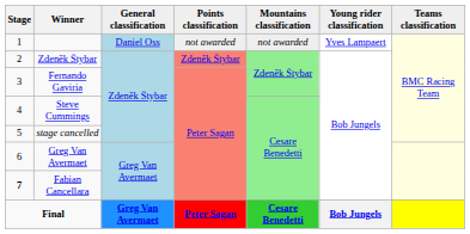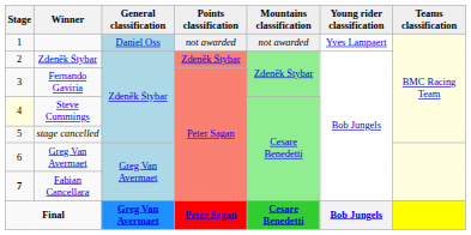 <table class="wikitable" style="text-align: center; font-size:smaller;">
 <tr>
 <th width="1%">Stage</th>
 <th width="14%">Winner</th>
 <th style="background:#EFEFEF;" width="15%">General classification<br></th>
 <th style="background:#EFEFEF;" width="15%">Points classification<br></th>
 <th style="background:#EFEFEF;" width="15%">Mountains classification<br></th>
 <th style="background:#EFEFEF;" width="15%">Young rider classification<br></th>
 <th style="background:#EFEFEF;" width="15%">Teams classification</th>
 </tr>
 <tr>
 <td>1</td>
 <td></td>
 <td style="background-color:lightblue;"><a href='#'>Daniel Oss</a></td>
 <td style="background-color:#EFEFEF;"><em>not awarded</em></td>
 <td style="background-color:#EFEFEF;"><em>not awarded</em></td>
 <td style="background-color:white;"><a href='#'>Yves Lampaert</a></td>
 <td style="background-color:lightyellow;" rowspan=5><a href='#'>BMC Racing Team</a></td>
 </tr>
 <tr>
 <td>2</td>
 <td><a href='#'>Zdeněk Štybar</a></td>
 <td style="background-color:lightblue;" rowspan=4><a href='#'>Zdeněk Štybar</a></td>
 <td style="background-color:salmon;"><a href='#'>Zdeněk Štybar</a></td>
 <td style="background-color:lightgreen;" rowspan=2><a href='#'>Zdeněk Štybar</a></td>
 <td style="background-color:white;" rowspan=6><a href='#'>Bob Jungels</a></td>
 </tr>
 <tr>
 <td>3</td>
 <td><a href='#'>Fernando Gaviria</a></td>
 <td style="background:salmon;" rowspan=5><a href='#'>Peter Sagan</a></td>
 </tr>
 <tr>
-<td>4</td>
+<td style="background: lightyellow;">4</td>
 <td><a href='#'>Steve Cummings</a></td>
 <td style="background-color:lightgreen;" rowspan=4><a href='#'>Cesare Benedetti</a></td>
 </tr>
 <tr>
 <td>5</td>
 <td><em>stage cancelled</em></td>
 </tr>
 <tr>
 <td>6</td>
 <td><a href='#'>Greg Van Avermaet</a></td>
 <td style="background-color:lightblue;" rowspan=2><a href='#'>Greg Van Avermaet</a></td>
 <td style="background-color:lightyellow;" rowspan=2></td>
 </tr>
 <tr>
 <td><strong>7</strong></td>
 <td><a href='#'>Fabian Cancellara</a></td>
 </tr>
 <tr>
 <td colspan="2"><strong>Final</strong></td>
 <th style="background-color:dodgerblue;"><a href='#'>Greg Van Avermaet</a></th>
 <th style="background-color:red;"><a href='#'>Peter Sagan</a></th>
 <th style="background-color:limegreen;"><a href='#'>Cesare Benedetti</a></th>
 <th style="background-color:offwhite;"><a href='#'>Bob Jungels</a></th>
 <th style="background-color:yellow;"></th>
 </tr>
 </table>
